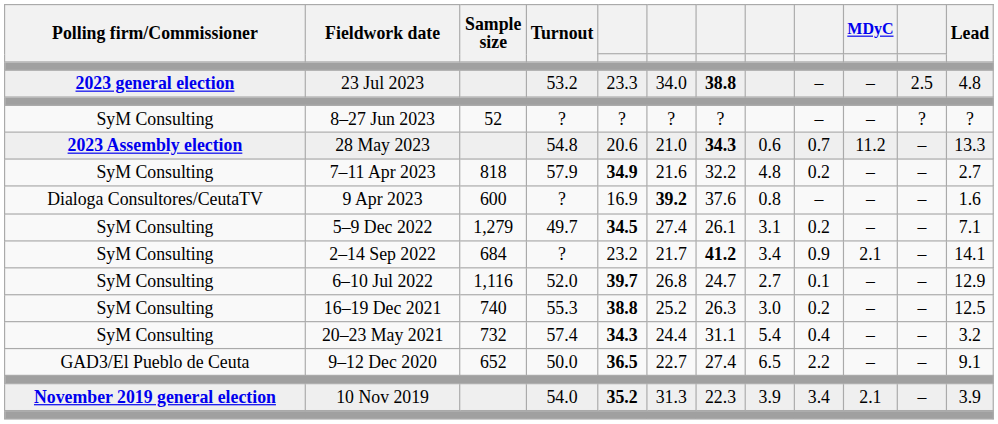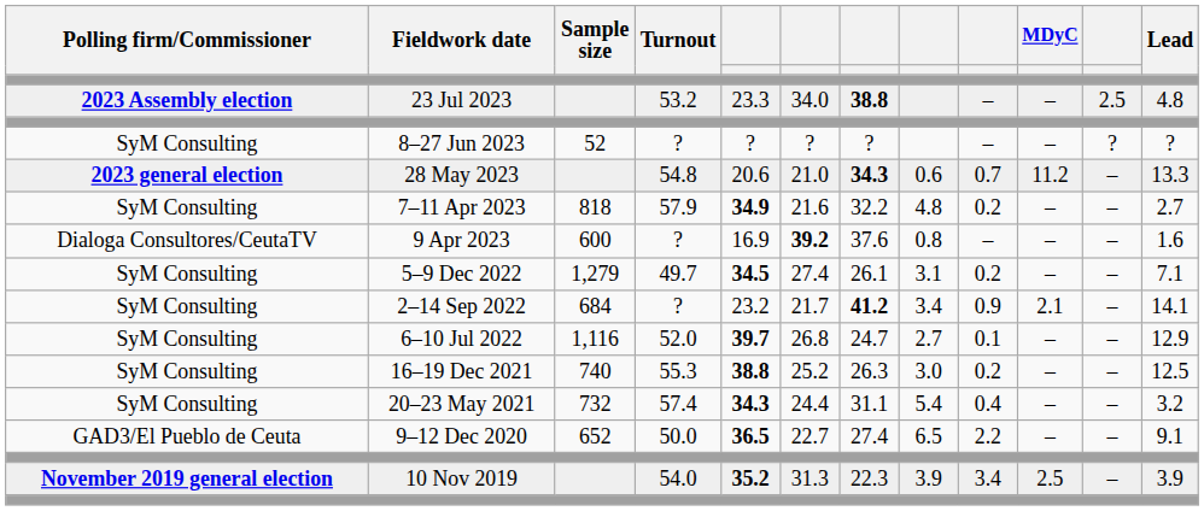 <table class="wikitable collapsible collapsed" style="text-align:center; font-size:95%; line-height:16px;">
 <tr style="height:42px;">
 <th style="width:250px;" rowspan="2">Polling firm/Commissioner</th>
 <th style="width:125px;" rowspan="2">Fieldwork date</th>
 <th style="width:50px;" rowspan="2">Sample size</th>
 <th style="width:45px;" rowspan="2">Turnout</th>
 <th style="width:35px;"></th>
 <th style="width:35px;"></th>
 <th style="width:35px;"></th>
 <th style="width:35px;"></th>
 <th style="width:35px;"></th>
 <th style="width:35px; font-size:90%;"><a href='#'>MDyC</a></th>
 <th style="width:35px;"></th>
 <th style="width:30px;" rowspan="2">Lead</th>
 </tr>
 <tr>
 <th style="color:inherit;background:"></th>
 <th style="color:inherit;background:"></th>
 <th style="color:inherit;background:"></th>
 <th style="color:inherit;background:"></th>
 <th style="color:inherit;background:"></th>
 <th style="color:inherit;background:"></th>
 <th style="color:inherit;background:"></th>
 </tr>
 <tr>
 <td colspan="12" style="background:#A0A0A0"></td>
 </tr>
 <tr style="background:#EFEFEF;">
-<td><strong><a href='#'>2023 general election</a></strong></td>
+<td><strong><a href='#'>2023 Assembly election</a></strong></td>
 <td>23 Jul 2023</td>
 <td></td>
 <td>53.2</td>
 <td>23.3<br></td>
 <td>34.0<br></td>
 <td><strong>38.8</strong><br></td>
 <td></td>
 <td>–</td>
 <td>–</td>
 <td>2.5<br></td>
 <td style="background:">4.8</td>
 </tr>
 <tr>
 <td colspan="12" style="background:#A0A0A0"></td>
 </tr>
 <tr>
 <td>SyM Consulting</td>
 <td>8–27 Jun 2023</td>
 <td>52</td>
 <td>?</td>
 <td>?<br></td>
 <td>?<br></td>
 <td>?<br></td>
 <td></td>
 <td>–</td>
 <td>–</td>
 <td>?<br></td>
 <td style="background:">?</td>
 </tr>
 <tr style="background:#EFEFEF;">
-<td><strong><a href='#'>2023 Assembly election</a></strong></td>
+<td><strong><a href='#'>2023 general election</a></strong></td>
 <td>28 May 2023</td>
 <td></td>
 <td>54.8</td>
 <td>20.6<br></td>
 <td>21.0<br></td>
 <td><strong>34.3</strong><br></td>
 <td>0.6<br></td>
 <td>0.7<br></td>
 <td>11.2<br></td>
 <td>–</td>
 <td style="background:">13.3</td>
 </tr>
 <tr>
 <td>SyM Consulting</td>
 <td>7–11 Apr 2023</td>
 <td>818</td>
 <td>57.9</td>
 <td><strong>34.9</strong><br></td>
 <td>21.6<br></td>
 <td>32.2<br></td>
 <td>4.8<br></td>
 <td>0.2<br></td>
 <td>–</td>
 <td>–</td>
 <td style="background:">2.7</td>
 </tr>
 <tr>
 <td>Dialoga Consultores/CeutaTV</td>
 <td>9 Apr 2023</td>
 <td>600</td>
 <td>?</td>
 <td>16.9<br></td>
 <td><strong>39.2</strong><br></td>
 <td>37.6<br></td>
 <td>0.8<br></td>
 <td>–</td>
 <td>–</td>
 <td>–</td>
 <td style="background:">1.6</td>
 </tr>
 <tr>
 <td>SyM Consulting</td>
 <td>5–9 Dec 2022</td>
 <td>1,279</td>
 <td>49.7</td>
 <td><strong>34.5</strong><br></td>
 <td>27.4<br></td>
 <td>26.1<br></td>
 <td>3.1<br></td>
 <td>0.2<br></td>
 <td>–</td>
 <td>–</td>
 <td style="background:">7.1</td>
 </tr>
 <tr>
 <td>SyM Consulting</td>
 <td>2–14 Sep 2022</td>
 <td>684</td>
 <td>?</td>
 <td>23.2<br></td>
 <td>21.7<br></td>
 <td><strong>41.2</strong><br></td>
 <td>3.4<br></td>
 <td>0.9<br></td>
 <td>2.1<br></td>
 <td>–</td>
 <td style="background:">14.1</td>
 </tr>
 <tr>
 <td>SyM Consulting</td>
 <td>6–10 Jul 2022</td>
 <td>1,116</td>
 <td>52.0</td>
 <td><strong>39.7</strong><br></td>
 <td>26.8<br></td>
 <td>24.7<br></td>
 <td>2.7<br></td>
 <td>0.1<br></td>
 <td>–</td>
 <td>–</td>
 <td style="background:">12.9</td>
 </tr>
 <tr>
 <td>SyM Consulting</td>
 <td>16–19 Dec 2021</td>
 <td>740</td>
 <td>55.3</td>
 <td><strong>38.8</strong><br></td>
 <td>25.2<br></td>
 <td>26.3<br></td>
 <td>3.0<br></td>
 <td>0.2<br></td>
 <td>–</td>
 <td>–</td>
 <td style="background:">12.5</td>
 </tr>
 <tr>
 <td>SyM Consulting</td>
 <td>20–23 May 2021</td>
 <td>732</td>
 <td>57.4</td>
 <td><strong>34.3</strong><br></td>
 <td>24.4<br></td>
 <td>31.1<br></td>
 <td>5.4<br></td>
 <td>0.4<br></td>
 <td>–</td>
 <td>–</td>
 <td style="background:">3.2</td>
 </tr>
 <tr>
 <td>GAD3/El Pueblo de Ceuta</td>
 <td>9–12 Dec 2020</td>
 <td>652</td>
 <td>50.0</td>
 <td><strong>36.5</strong><br></td>
 <td>22.7<br></td>
 <td>27.4<br></td>
 <td>6.5<br></td>
 <td>2.2<br></td>
 <td>–</td>
 <td>–</td>
 <td style="background:">9.1</td>
 </tr>
 <tr>
 <td colspan="12" style="background:#A0A0A0"></td>
 </tr>
 <tr style="background:#EFEFEF;">
 <td><strong><a href='#'>November 2019 general election</a></strong></td>
 <td>10 Nov 2019</td>
 <td></td>
 <td>54.0</td>
 <td><strong>35.2</strong><br></td>
 <td>31.3<br></td>
 <td>22.3<br></td>
 <td>3.9<br></td>
 <td>3.4<br></td>
-<td>2.1<br></td>
+<td>2.5<br></td>
 <td>–</td>
 <td style="background:">3.9</td>
 </tr>
 <tr>
 <td colspan="12" style="background:#A0A0A0"></td>
 </tr>
 </table>
